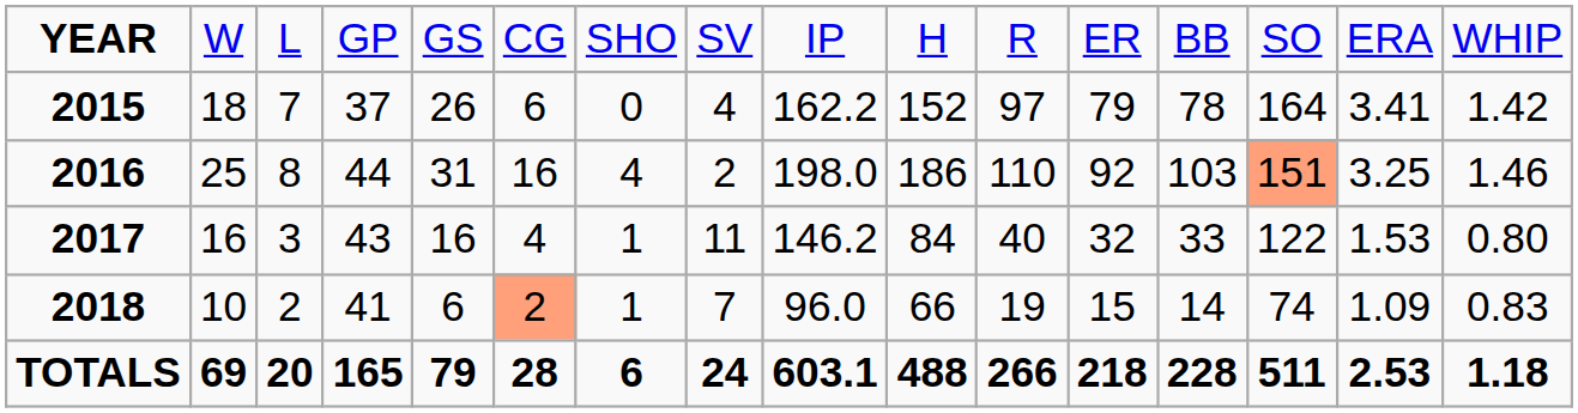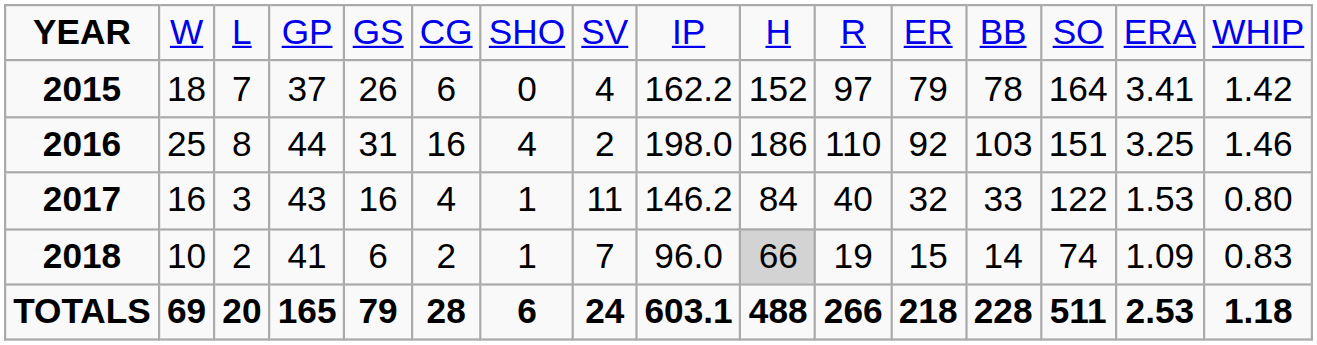 <table class="wikitable">
 <tr align=center>
 <td><strong>YEAR</strong></td>
 <td><a href='#'>W</a></td>
 <td><a href='#'>L</a></td>
 <td><a href='#'>GP</a></td>
 <td><a href='#'>GS</a></td>
 <td><a href='#'>CG</a></td>
 <td><a href='#'>SHO</a></td>
 <td><a href='#'>SV</a></td>
 <td><a href='#'>IP</a></td>
 <td><a href='#'>H</a></td>
 <td><a href='#'>R</a></td>
 <td><a href='#'>ER</a></td>
 <td><a href='#'>BB</a></td>
 <td><a href='#'>SO</a></td>
 <td><a href='#'>ERA</a></td>
 <td><a href='#'>WHIP</a></td>
 </tr>
 <tr align=center>
 <td><strong>2015</strong></td>
 <td>18</td>
 <td>7</td>
 <td>37</td>
 <td>26</td>
 <td>6</td>
 <td>0</td>
 <td>4</td>
 <td>162.2</td>
 <td>152</td>
 <td>97</td>
 <td>79</td>
 <td>78</td>
 <td>164</td>
 <td>3.41</td>
 <td>1.42</td>
 </tr>
 <tr align=center>
 <td><strong>2016</strong></td>
 <td>25</td>
 <td>8</td>
 <td>44</td>
 <td>31</td>
 <td>16</td>
 <td>4</td>
 <td>2</td>
 <td>198.0</td>
 <td>186</td>
 <td>110</td>
 <td>92</td>
 <td>103</td>
-<td style="background: lightsalmon;">151</td>
+<td>151</td>
 <td>3.25</td>
 <td>1.46</td>
 </tr>
 <tr align=center>
 <td><strong>2017</strong></td>
 <td>16</td>
 <td>3</td>
 <td>43</td>
 <td>16</td>
 <td>4</td>
 <td>1</td>
 <td>11</td>
 <td>146.2</td>
 <td>84</td>
 <td>40</td>
 <td>32</td>
 <td>33</td>
 <td>122</td>
 <td>1.53</td>
 <td>0.80</td>
 </tr>
 <tr align=center>
 <td><strong>2018</strong></td>
 <td>10</td>
 <td>2</td>
 <td>41</td>
 <td>6</td>
-<td style="background: lightsalmon;">2</td>
+<td>2</td>
 <td>1</td>
 <td>7</td>
 <td>96.0</td>
-<td>66</td>
+<td style="background: lightgrey;">66</td>
 <td>19</td>
 <td>15</td>
 <td>14</td>
 <td>74</td>
 <td>1.09</td>
 <td>0.83</td>
 </tr>
 <tr align=center>
 <td><strong>TOTALS</strong></td>
 <td><strong>69</strong></td>
 <td><strong>20</strong></td>
 <td><strong>165</strong></td>
 <td><strong>79</strong></td>
 <td><strong>28</strong></td>
 <td><strong>6</strong></td>
 <td><strong>24</strong></td>
 <td><strong>603.1</strong></td>
 <td><strong>488</strong></td>
 <td><strong>266</strong></td>
 <td><strong>218</strong></td>
 <td><strong>228</strong></td>
 <td><strong>511</strong></td>
 <td><strong>2.53</strong></td>
 <td><strong>1.18</strong></td>
 </tr>
 </table>
